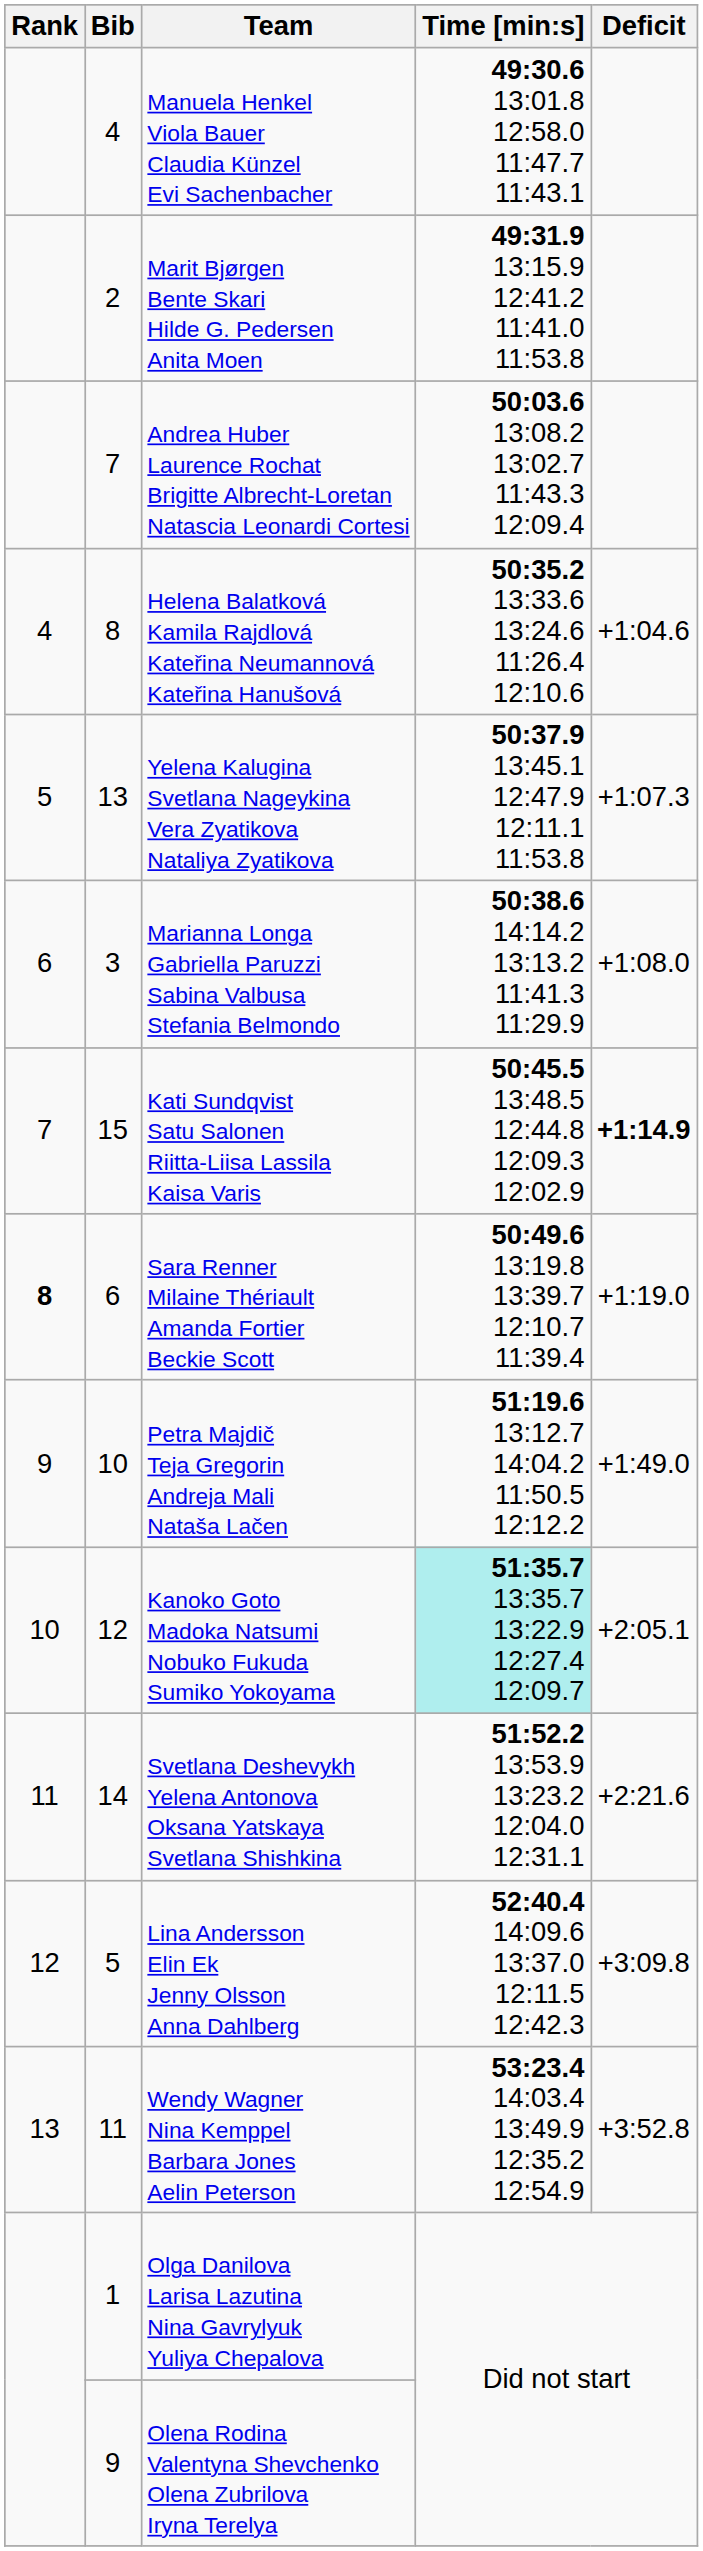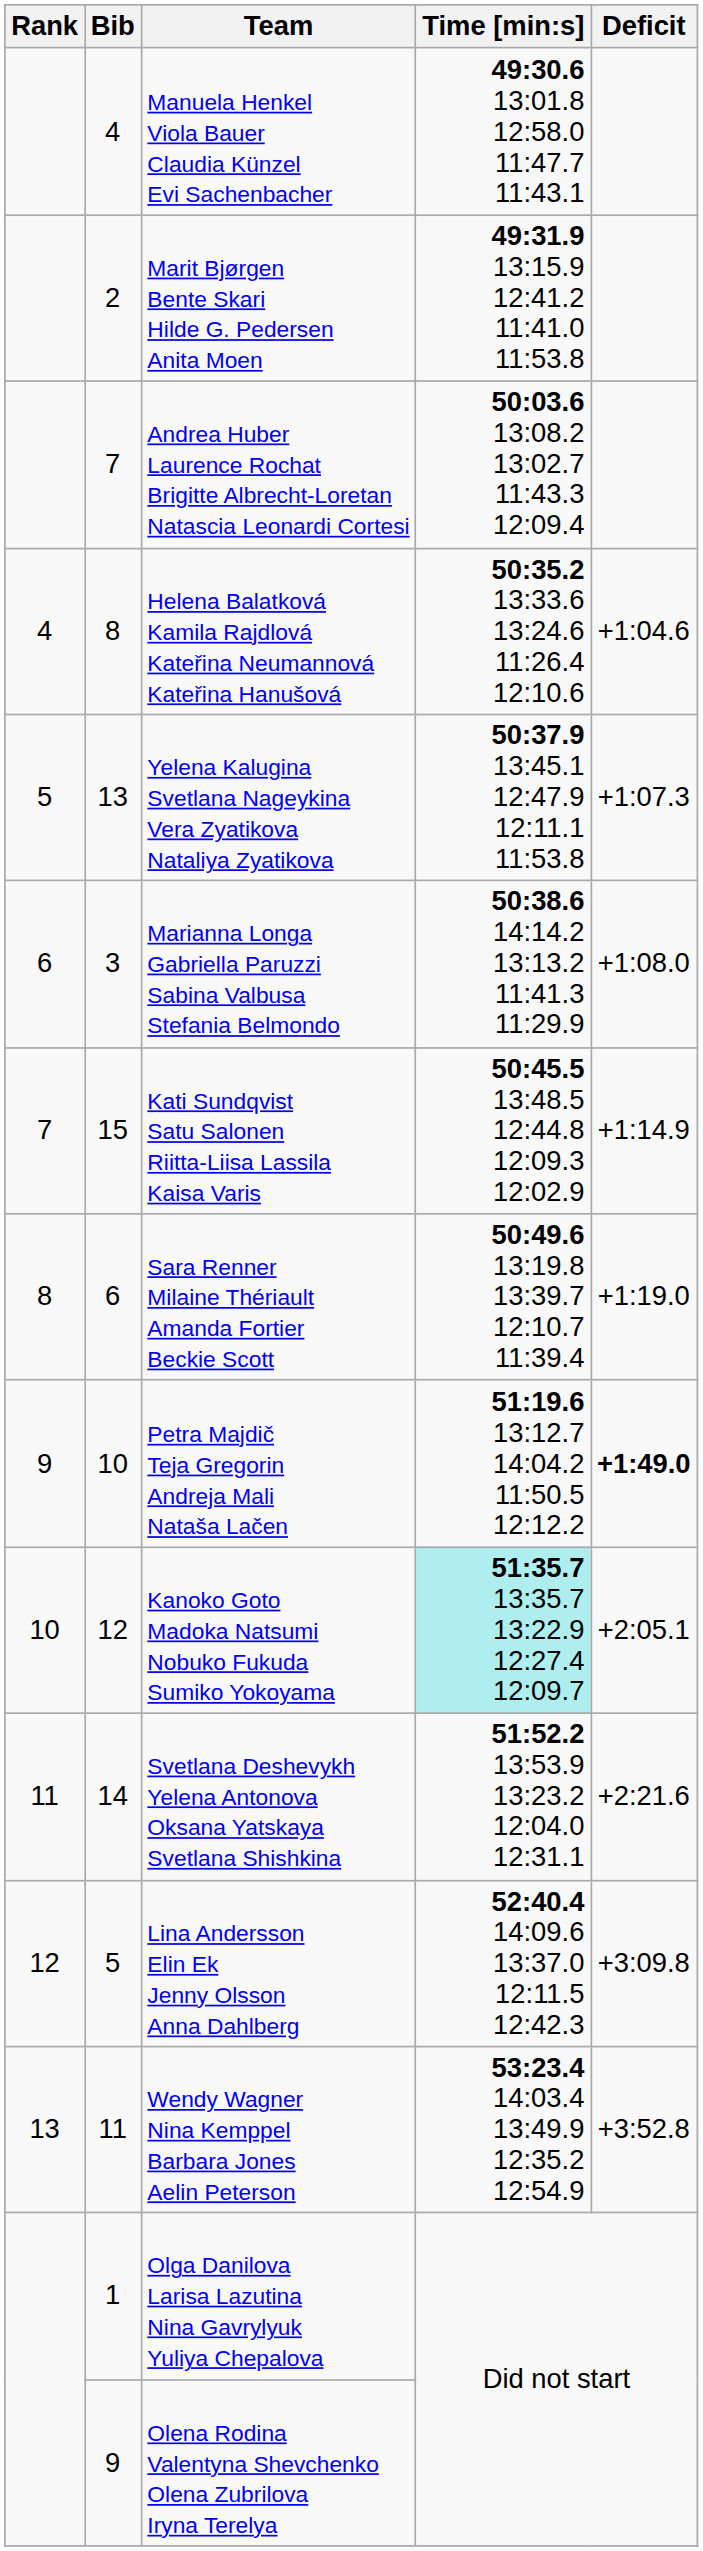 <table class="wikitable sortable" style="text-align:center">
 <tr>
 <th>Rank</th>
 <th>Bib</th>
 <th>Team</th>
 <th>Time [min:s]</th>
 <th>Deficit</th>
 </tr>
 <tr>
 <td></td>
 <td>4</td>
 <td align=left><br><small><a href='#'>Manuela Henkel</a><br><a href='#'>Viola Bauer</a><br><a href='#'>Claudia Künzel</a><br><a href='#'>Evi Sachenbacher</a></small></td>
 <td align=right><strong>49:30.6</strong><br>13:01.8<br>12:58.0<br>11:47.7<br>11:43.1</td>
 <td></td>
 </tr>
 <tr>
 <td></td>
 <td>2</td>
 <td align=left><br><small><a href='#'>Marit Bjørgen</a><br><a href='#'>Bente Skari</a><br><a href='#'>Hilde G. Pedersen</a><br><a href='#'>Anita Moen</a> </small></td>
 <td align=right><strong>49:31.9</strong><br>13:15.9<br>12:41.2<br>11:41.0<br>11:53.8</td>
 <td></td>
 </tr>
 <tr>
 <td></td>
 <td>7</td>
 <td align=left><br><small><a href='#'>Andrea Huber</a><br><a href='#'>Laurence Rochat</a><br><a href='#'>Brigitte Albrecht-Loretan</a><br><a href='#'>Natascia Leonardi Cortesi</a></small></td>
 <td align=right><strong>50:03.6</strong><br>13:08.2<br>13:02.7<br>11:43.3<br>12:09.4</td>
 <td></td>
 </tr>
 <tr>
 <td>4</td>
 <td>8</td>
 <td align=left><br><small><a href='#'>Helena Balatková</a><br><a href='#'>Kamila Rajdlová</a><br><a href='#'>Kateřina Neumannová</a><br><a href='#'>Kateřina Hanušová</a></small></td>
 <td align=right><strong>50:35.2</strong><br>13:33.6<br>13:24.6<br>11:26.4<br>12:10.6</td>
 <td>+1:04.6</td>
 </tr>
 <tr>
 <td>5</td>
 <td>13</td>
 <td align=left><br><small><a href='#'>Yelena Kalugina</a><br><a href='#'>Svetlana Nageykina</a><br><a href='#'>Vera Zyatikova</a><br><a href='#'>Nataliya Zyatikova</a></small></td>
 <td align=right><strong>50:37.9</strong><br>13:45.1<br>12:47.9<br>12:11.1<br>11:53.8</td>
 <td>+1:07.3</td>
 </tr>
 <tr>
 <td>6</td>
 <td>3</td>
 <td align=left><br><small><a href='#'>Marianna Longa</a><br><a href='#'>Gabriella Paruzzi</a><br><a href='#'>Sabina Valbusa</a><br><a href='#'>Stefania Belmondo</a></small></td>
 <td align=right><strong>50:38.6</strong><br>14:14.2<br>13:13.2<br>11:41.3<br>11:29.9</td>
 <td>+1:08.0</td>
 </tr>
 <tr>
 <td>7</td>
 <td>15</td>
 <td align=left><br><small><a href='#'>Kati Sundqvist</a><br><a href='#'>Satu Salonen</a><br><a href='#'>Riitta-Liisa Lassila</a><br><a href='#'>Kaisa Varis</a></small></td>
 <td align=right><strong>50:45.5</strong><br>13:48.5<br>12:44.8<br>12:09.3<br>12:02.9</td>
-<td><strong>+1:14.9</strong></td>
+<td>+1:14.9</td>
 </tr>
 <tr>
-<td><strong>8</strong></td>
+<td>8</td>
 <td>6</td>
 <td align=left><br><small><a href='#'>Sara Renner</a><br><a href='#'>Milaine Thériault</a><br><a href='#'>Amanda Fortier</a><br><a href='#'>Beckie Scott</a></small></td>
 <td align=right><strong>50:49.6</strong><br>13:19.8<br>13:39.7<br>12:10.7<br>11:39.4</td>
 <td>+1:19.0</td>
 </tr>
 <tr>
 <td>9</td>
 <td>10</td>
 <td align=left><br><small><a href='#'>Petra Majdič</a><br><a href='#'>Teja Gregorin</a><br><a href='#'>Andreja Mali</a><br><a href='#'>Nataša Lačen</a></small></td>
 <td align=right><strong>51:19.6</strong><br>13:12.7<br>14:04.2<br>11:50.5<br>12:12.2</td>
-<td>+1:49.0</td>
+<td><strong>+1:49.0</strong></td>
 </tr>
 <tr>
 <td>10</td>
 <td>12</td>
 <td align=left><br><small><a href='#'>Kanoko Goto</a><br><a href='#'>Madoka Natsumi</a><br><a href='#'>Nobuko Fukuda</a><br><a href='#'>Sumiko Yokoyama</a></small></td>
 <td align=right style="background: paleturquoise;"><strong>51:35.7</strong><br>13:35.7<br>13:22.9<br>12:27.4<br>12:09.7</td>
 <td>+2:05.1</td>
 </tr>
 <tr>
 <td>11</td>
 <td>14</td>
 <td align=left><br><small><a href='#'>Svetlana Deshevykh</a><br><a href='#'>Yelena Antonova</a><br><a href='#'>Oksana Yatskaya</a><br><a href='#'>Svetlana Shishkina</a></small></td>
 <td align=right><strong>51:52.2</strong><br>13:53.9<br>13:23.2<br>12:04.0<br>12:31.1</td>
 <td>+2:21.6</td>
 </tr>
 <tr>
 <td>12</td>
 <td>5</td>
 <td align=left><br><small><a href='#'>Lina Andersson</a><br><a href='#'>Elin Ek</a><br><a href='#'>Jenny Olsson</a><br><a href='#'>Anna Dahlberg</a></small></td>
 <td align=right><strong>52:40.4</strong><br>14:09.6<br>13:37.0<br>12:11.5<br>12:42.3</td>
 <td>+3:09.8</td>
 </tr>
 <tr>
 <td>13</td>
 <td>11</td>
 <td align=left><br><small><a href='#'>Wendy Wagner</a><br><a href='#'>Nina Kemppel</a><br><a href='#'>Barbara Jones</a><br><a href='#'>Aelin Peterson</a></small></td>
 <td align=right><strong>53:23.4</strong><br>14:03.4<br>13:49.9<br>12:35.2<br>12:54.9</td>
 <td>+3:52.8</td>
 </tr>
 <tr>
 <td rowspan=2></td>
 <td>1</td>
 <td align=left><br><small><a href='#'>Olga Danilova</a><br><a href='#'>Larisa Lazutina</a><br><a href='#'>Nina Gavrylyuk</a><br><a href='#'>Yuliya Chepalova</a></small></td>
 <td colspan=2 rowspan=2>Did not start</td>
 </tr>
 <tr>
 <td>9</td>
 <td align=left><br><small><a href='#'>Olena Rodina</a><br><a href='#'>Valentyna Shevchenko</a><br><a href='#'>Olena Zubrilova</a><br><a href='#'>Iryna Terelya</a></small></td>
 </tr>
 </table>
